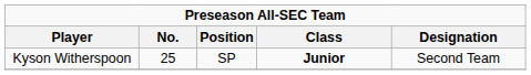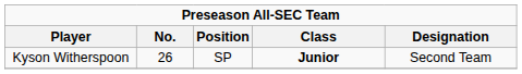 <table class="wikitable" style="text-align:center">
 <tr>
 <td colspan="5" style= ><strong>Preseason All-SEC Team</strong></td>
 </tr>
 <tr>
 <th style="width:150px; ">Player</th>
 <th style="width:60px; ">No.</th>
 <th style="width:60px; ">Position</th>
 <th style="width:150px; ">Class</th>
 <th style="width:150px; ">Designation</th>
 </tr>
 <tr>
 <td>Kyson Witherspoon</td>
-<td>25</td>
+<td>26</td>
 <td>SP</td>
 <td><strong>Junior</strong></td>
 <td>Second Team</td>
 </tr>
 <tr>
 </tr>
 </table>
